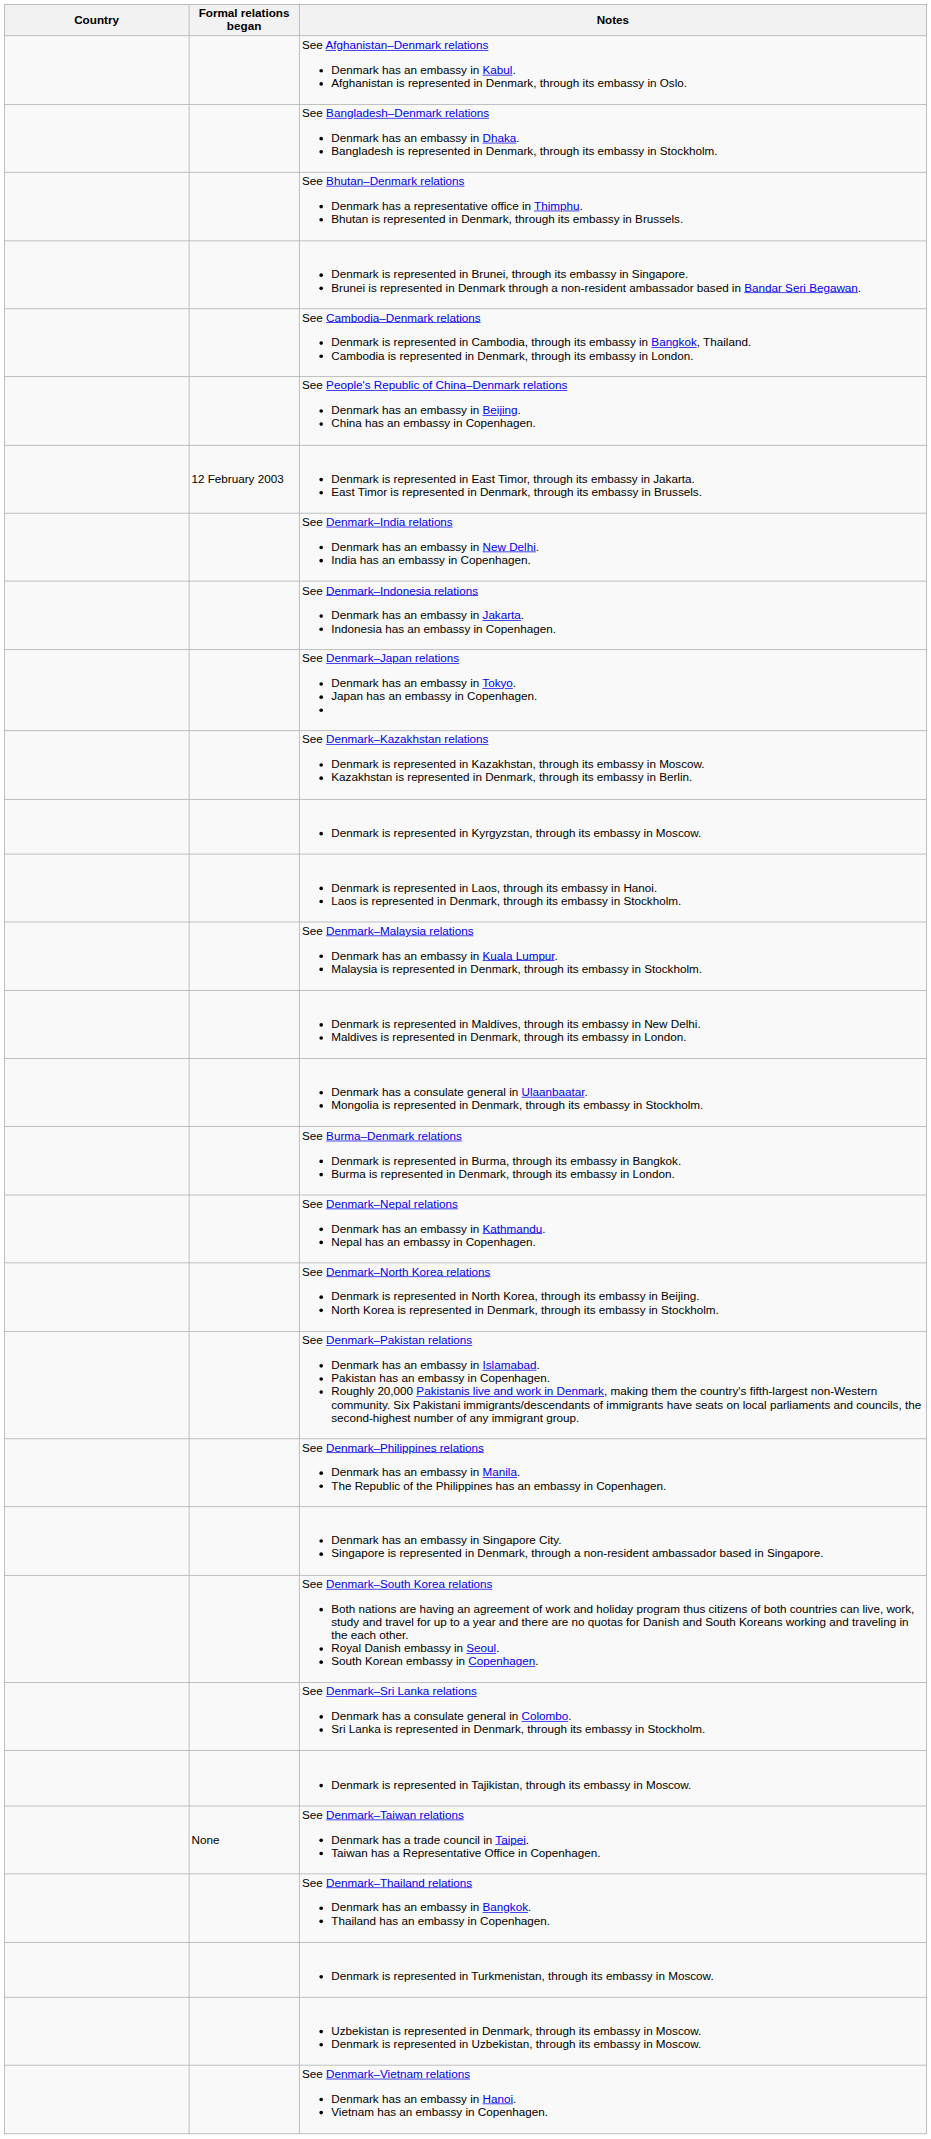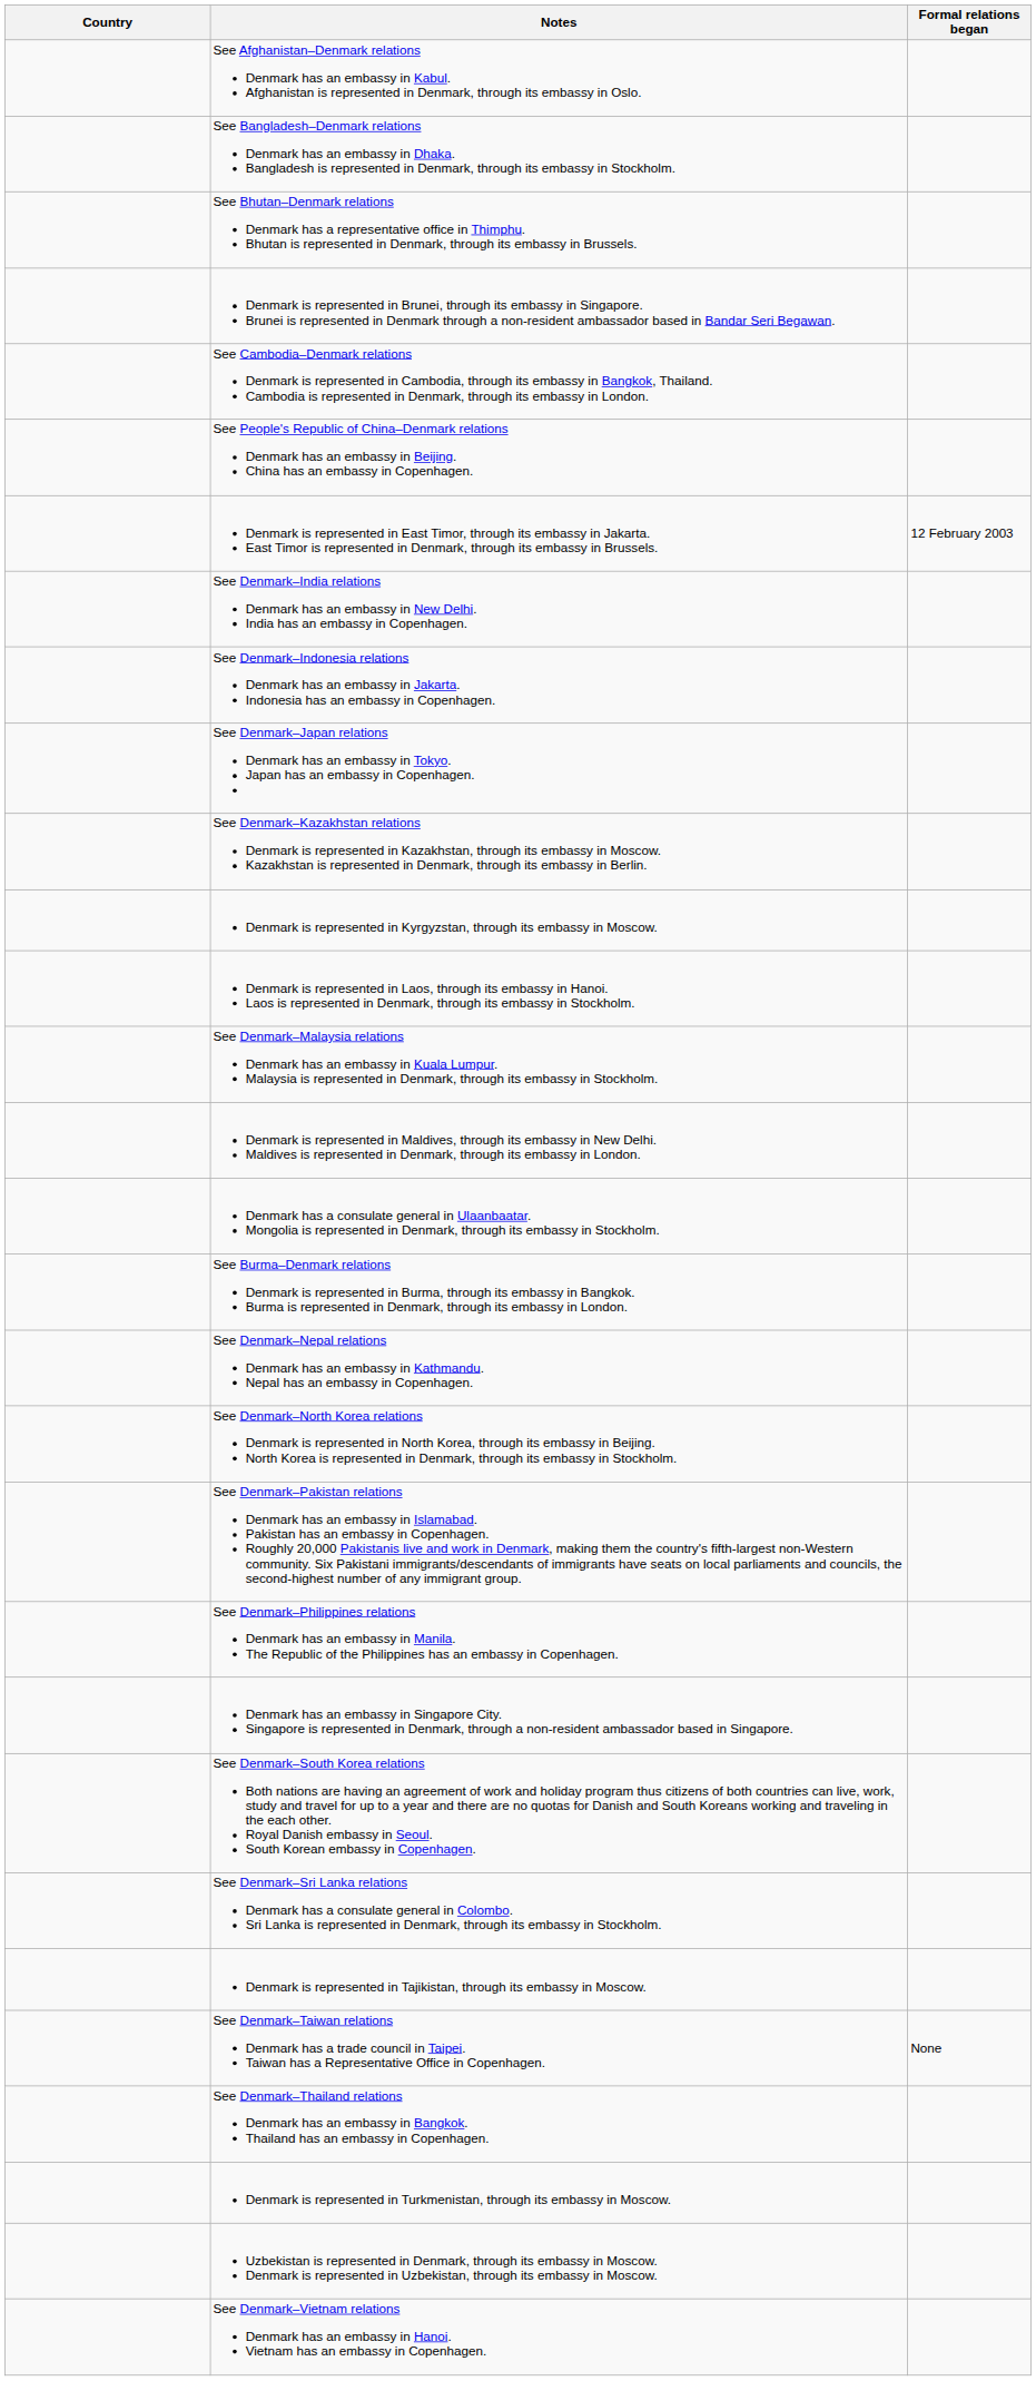 <table class="wikitable sortable" border="1" style="width:100%; margin:auto;">
 <tr>
 <th width="20%">Country</th>
+<th>Notes</th>
 <th width="12%">Formal relations began</th>
-<th>Notes</th>
 </tr>
 <tr -valign="top">
 <td></td>
+<td>See <a href='#'>Afghanistan–Denmark relations</a><br><ul><li>Denmark has an embassy in <a href='#'>Kabul</a>.</li><li>Afghanistan is represented in Denmark, through its embassy in Oslo.</li></ul></td>
 <td></td>
-<td>See <a href='#'>Afghanistan–Denmark relations</a><br><ul><li>Denmark has an embassy in <a href='#'>Kabul</a>.</li><li>Afghanistan is represented in Denmark, through its embassy in Oslo.</li></ul></td>
 </tr>
 <tr -valign="top">
 <td></td>
+<td>See <a href='#'>Bangladesh–Denmark relations</a><br><ul><li>Denmark has an embassy in <a href='#'>Dhaka</a>.</li><li>Bangladesh is represented in Denmark, through its embassy in Stockholm.</li></ul></td>
 <td></td>
-<td>See <a href='#'>Bangladesh–Denmark relations</a><br><ul><li>Denmark has an embassy in <a href='#'>Dhaka</a>.</li><li>Bangladesh is represented in Denmark, through its embassy in Stockholm.</li></ul></td>
 </tr>
 <tr -valign="top">
 <td></td>
+<td>See <a href='#'>Bhutan–Denmark relations</a><br><ul><li>Denmark has a representative office in <a href='#'>Thimphu</a>.</li><li>Bhutan is represented in Denmark, through its embassy in Brussels.</li></ul></td>
 <td></td>
-<td>See <a href='#'>Bhutan–Denmark relations</a><br><ul><li>Denmark has a representative office in <a href='#'>Thimphu</a>.</li><li>Bhutan is represented in Denmark, through its embassy in Brussels.</li></ul></td>
 </tr>
 <tr -valign="top">
 <td></td>
+<td><br><ul><li>Denmark is represented in Brunei, through its embassy in Singapore.</li><li>Brunei is represented in Denmark through a non-resident ambassador based in <a href='#'>Bandar Seri Begawan</a>.</li></ul></td>
 <td></td>
-<td><br><ul><li>Denmark is represented in Brunei, through its embassy in Singapore.</li><li>Brunei is represented in Denmark through a non-resident ambassador based in <a href='#'>Bandar Seri Begawan</a>.</li></ul></td>
 </tr>
 <tr -valign="top">
 <td></td>
+<td>See <a href='#'>Cambodia–Denmark relations</a><br><ul><li>Denmark is represented in Cambodia, through its embassy in <a href='#'>Bangkok</a>, Thailand.</li><li>Cambodia is represented in Denmark, through its embassy in London.</li></ul></td>
 <td></td>
-<td>See <a href='#'>Cambodia–Denmark relations</a><br><ul><li>Denmark is represented in Cambodia, through its embassy in <a href='#'>Bangkok</a>, Thailand.</li><li>Cambodia is represented in Denmark, through its embassy in London.</li></ul></td>
 </tr>
 <tr -valign="top">
 <td></td>
+<td>See <a href='#'>People's Republic of China–Denmark relations</a><br><ul><li>Denmark has an embassy in <a href='#'>Beijing</a>.</li><li>China has an embassy in Copenhagen.</li></ul></td>
 <td></td>
-<td>See <a href='#'>People's Republic of China–Denmark relations</a><br><ul><li>Denmark has an embassy in <a href='#'>Beijing</a>.</li><li>China has an embassy in Copenhagen.</li></ul></td>
 </tr>
 <tr -valign="top">
 <td></td>
+<td><br><ul><li>Denmark is represented in East Timor, through its embassy in Jakarta.</li><li>East Timor is represented in Denmark, through its embassy in Brussels.</li></ul></td>
 <td>12 February 2003</td>
-<td><br><ul><li>Denmark is represented in East Timor, through its embassy in Jakarta.</li><li>East Timor is represented in Denmark, through its embassy in Brussels.</li></ul></td>
 </tr>
 <tr -valign="top">
 <td></td>
+<td>See <a href='#'>Denmark–India relations</a><br><ul><li>Denmark has an embassy in <a href='#'>New Delhi</a>.</li><li>India has an embassy in Copenhagen.</li></ul></td>
 <td></td>
-<td>See <a href='#'>Denmark–India relations</a><br><ul><li>Denmark has an embassy in <a href='#'>New Delhi</a>.</li><li>India has an embassy in Copenhagen.</li></ul></td>
 </tr>
 <tr -valign="top">
 <td></td>
+<td>See <a href='#'>Denmark–Indonesia relations</a><br><ul><li>Denmark has an embassy in <a href='#'>Jakarta</a>.</li><li>Indonesia has an embassy in Copenhagen.</li></ul></td>
 <td></td>
-<td>See <a href='#'>Denmark–Indonesia relations</a><br><ul><li>Denmark has an embassy in <a href='#'>Jakarta</a>.</li><li>Indonesia has an embassy in Copenhagen.</li></ul></td>
 </tr>
 <tr -valign="top">
 <td></td>
+<td>See <a href='#'>Denmark–Japan relations</a><br><ul><li>Denmark has an embassy in <a href='#'>Tokyo</a>.</li><li>Japan has an embassy in Copenhagen.</li><li></li></ul></td>
 <td></td>
-<td>See <a href='#'>Denmark–Japan relations</a><br><ul><li>Denmark has an embassy in <a href='#'>Tokyo</a>.</li><li>Japan has an embassy in Copenhagen.</li><li></li></ul></td>
 </tr>
 <tr -valign="top">
 <td></td>
+<td>See <a href='#'>Denmark–Kazakhstan relations</a><br><ul><li>Denmark is represented in Kazakhstan, through its embassy in Moscow.</li><li>Kazakhstan is represented in Denmark, through its embassy in Berlin.</li></ul></td>
 <td></td>
-<td>See <a href='#'>Denmark–Kazakhstan relations</a><br><ul><li>Denmark is represented in Kazakhstan, through its embassy in Moscow.</li><li>Kazakhstan is represented in Denmark, through its embassy in Berlin.</li></ul></td>
 </tr>
 <tr -valign="top">
 <td></td>
+<td><br><ul><li>Denmark is represented in Kyrgyzstan, through its embassy in Moscow.</li></ul></td>
 <td></td>
-<td><br><ul><li>Denmark is represented in Kyrgyzstan, through its embassy in Moscow.</li></ul></td>
 </tr>
 <tr -valign="top">
 <td></td>
+<td><br><ul><li>Denmark is represented in Laos, through its embassy in Hanoi.</li><li>Laos is represented in Denmark, through its embassy in Stockholm.</li></ul></td>
 <td></td>
-<td><br><ul><li>Denmark is represented in Laos, through its embassy in Hanoi.</li><li>Laos is represented in Denmark, through its embassy in Stockholm.</li></ul></td>
 </tr>
 <tr -valign="top">
 <td></td>
+<td>See <a href='#'>Denmark–Malaysia relations</a><br><ul><li>Denmark has an embassy in <a href='#'>Kuala Lumpur</a>.</li><li>Malaysia is represented in Denmark, through its embassy in Stockholm.</li></ul></td>
 <td></td>
-<td>See <a href='#'>Denmark–Malaysia relations</a><br><ul><li>Denmark has an embassy in <a href='#'>Kuala Lumpur</a>.</li><li>Malaysia is represented in Denmark, through its embassy in Stockholm.</li></ul></td>
 </tr>
 <tr -valign="top">
 <td></td>
+<td><br><ul><li>Denmark is represented in Maldives, through its embassy in New Delhi.</li><li>Maldives is represented in Denmark, through its embassy in London.</li></ul></td>
 <td></td>
-<td><br><ul><li>Denmark is represented in Maldives, through its embassy in New Delhi.</li><li>Maldives is represented in Denmark, through its embassy in London.</li></ul></td>
 </tr>
 <tr -valign="top">
 <td></td>
+<td><br><ul><li>Denmark has a consulate general in <a href='#'>Ulaanbaatar</a>.</li><li>Mongolia is represented in Denmark, through its embassy in Stockholm.</li></ul></td>
 <td></td>
-<td><br><ul><li>Denmark has a consulate general in <a href='#'>Ulaanbaatar</a>.</li><li>Mongolia is represented in Denmark, through its embassy in Stockholm.</li></ul></td>
 </tr>
 <tr -valign="top">
 <td></td>
+<td>See <a href='#'>Burma–Denmark relations</a><br><ul><li>Denmark is represented in Burma, through its embassy in Bangkok.</li><li>Burma is represented in Denmark, through its embassy in London.</li></ul></td>
 <td></td>
-<td>See <a href='#'>Burma–Denmark relations</a><br><ul><li>Denmark is represented in Burma, through its embassy in Bangkok.</li><li>Burma is represented in Denmark, through its embassy in London.</li></ul></td>
 </tr>
 <tr -valign="top">
 <td></td>
+<td>See <a href='#'>Denmark–Nepal relations</a><br><ul><li>Denmark has an embassy in <a href='#'>Kathmandu</a>.</li><li>Nepal has an embassy in Copenhagen.</li></ul></td>
 <td></td>
-<td>See <a href='#'>Denmark–Nepal relations</a><br><ul><li>Denmark has an embassy in <a href='#'>Kathmandu</a>.</li><li>Nepal has an embassy in Copenhagen.</li></ul></td>
 </tr>
 <tr -valign="top">
 <td></td>
+<td>See <a href='#'>Denmark–North Korea relations</a><br><ul><li>Denmark is represented in North Korea, through its embassy in Beijing.</li><li>North Korea is represented in Denmark, through its embassy in Stockholm.</li></ul></td>
 <td></td>
-<td>See <a href='#'>Denmark–North Korea relations</a><br><ul><li>Denmark is represented in North Korea, through its embassy in Beijing.</li><li>North Korea is represented in Denmark, through its embassy in Stockholm.</li></ul></td>
 </tr>
 <tr -valign="top">
 <td></td>
+<td>See <a href='#'>Denmark–Pakistan relations</a><br><ul><li>Denmark has an embassy in <a href='#'>Islamabad</a>.</li><li>Pakistan has an embassy in Copenhagen.</li><li>Roughly 20,000 <a href='#'>Pakistanis live and work in Denmark</a>, making them the country's fifth-largest non-Western community. Six Pakistani immigrants/descendants of immigrants have seats on local parliaments and councils, the second-highest number of any immigrant group.</li></ul></td>
 <td></td>
-<td>See <a href='#'>Denmark–Pakistan relations</a><br><ul><li>Denmark has an embassy in <a href='#'>Islamabad</a>.</li><li>Pakistan has an embassy in Copenhagen.</li><li>Roughly 20,000 <a href='#'>Pakistanis live and work in Denmark</a>, making them the country's fifth-largest non-Western community. Six Pakistani immigrants/descendants of immigrants have seats on local parliaments and councils, the second-highest number of any immigrant group.</li></ul></td>
 </tr>
 <tr -valign="top">
 <td></td>
+<td>See <a href='#'>Denmark–Philippines relations</a><br><ul><li>Denmark has an embassy in <a href='#'>Manila</a>.</li><li>The Republic of the Philippines has an embassy in Copenhagen.</li></ul></td>
 <td></td>
-<td>See <a href='#'>Denmark–Philippines relations</a><br><ul><li>Denmark has an embassy in <a href='#'>Manila</a>.</li><li>The Republic of the Philippines has an embassy in Copenhagen.</li></ul></td>
 </tr>
 <tr -valign="top">
 <td></td>
+<td><br><ul><li>Denmark has an embassy in Singapore City.</li><li>Singapore is represented in Denmark, through a non-resident ambassador based in Singapore.</li></ul></td>
 <td></td>
-<td><br><ul><li>Denmark has an embassy in Singapore City.</li><li>Singapore is represented in Denmark, through a non-resident ambassador based in Singapore.</li></ul></td>
 </tr>
 <tr -valign="top">
 <td></td>
+<td>See <a href='#'>Denmark–South Korea relations</a><br><ul><li>Both nations are having an agreement of work and holiday program thus citizens of both countries can live, work, study and travel for up to a year and there are no quotas for Danish and South Koreans working and traveling in the each other.</li><li>Royal Danish embassy in <a href='#'>Seoul</a>.</li><li>South Korean embassy in <a href='#'>Copenhagen</a>.</li></ul></td>
 <td></td>
-<td>See <a href='#'>Denmark–South Korea relations</a><br><ul><li>Both nations are having an agreement of work and holiday program thus citizens of both countries can live, work, study and travel for up to a year and there are no quotas for Danish and South Koreans working and traveling in the each other.</li><li>Royal Danish embassy in <a href='#'>Seoul</a>.</li><li>South Korean embassy in <a href='#'>Copenhagen</a>.</li></ul></td>
 </tr>
 <tr -valign="top">
 <td></td>
+<td>See <a href='#'>Denmark–Sri Lanka relations</a><br><ul><li>Denmark has a consulate general in <a href='#'>Colombo</a>.</li><li>Sri Lanka is represented in Denmark, through its embassy in Stockholm.</li></ul></td>
 <td></td>
-<td>See <a href='#'>Denmark–Sri Lanka relations</a><br><ul><li>Denmark has a consulate general in <a href='#'>Colombo</a>.</li><li>Sri Lanka is represented in Denmark, through its embassy in Stockholm.</li></ul></td>
 </tr>
 <tr -valign="top">
 <td></td>
+<td><br><ul><li>Denmark is represented in Tajikistan, through its embassy in Moscow.</li></ul></td>
 <td></td>
-<td><br><ul><li>Denmark is represented in Tajikistan, through its embassy in Moscow.</li></ul></td>
 </tr>
 <tr -valign="top">
 <td></td>
+<td>See <a href='#'>Denmark–Taiwan relations</a><br><ul><li>Denmark has a trade council in <a href='#'>Taipei</a>.</li><li>Taiwan has a Representative Office in Copenhagen.</li></ul></td>
 <td>None</td>
-<td>See <a href='#'>Denmark–Taiwan relations</a><br><ul><li>Denmark has a trade council in <a href='#'>Taipei</a>.</li><li>Taiwan has a Representative Office in Copenhagen.</li></ul></td>
 </tr>
 <tr -valign="top">
 <td></td>
+<td>See <a href='#'>Denmark–Thailand relations</a><br><ul><li>Denmark has an embassy in <a href='#'>Bangkok</a>.</li><li>Thailand has an embassy in Copenhagen.</li></ul></td>
 <td></td>
-<td>See <a href='#'>Denmark–Thailand relations</a><br><ul><li>Denmark has an embassy in <a href='#'>Bangkok</a>.</li><li>Thailand has an embassy in Copenhagen.</li></ul></td>
 </tr>
 <tr -valign="top">
 <td></td>
+<td><br><ul><li>Denmark is represented in Turkmenistan, through its embassy in Moscow.</li></ul></td>
 <td></td>
-<td><br><ul><li>Denmark is represented in Turkmenistan, through its embassy in Moscow.</li></ul></td>
 </tr>
 <tr -valign="top">
 <td></td>
+<td><br><ul><li>Uzbekistan is represented in Denmark, through its embassy in Moscow.</li><li>Denmark is represented in Uzbekistan, through its embassy in Moscow.</li></ul></td>
 <td></td>
-<td><br><ul><li>Uzbekistan is represented in Denmark, through its embassy in Moscow.</li><li>Denmark is represented in Uzbekistan, through its embassy in Moscow.</li></ul></td>
 </tr>
 <tr -valign="top">
 <td></td>
+<td>See <a href='#'>Denmark–Vietnam relations</a><br><ul><li>Denmark has an embassy in <a href='#'>Hanoi</a>.</li><li>Vietnam has an embassy in Copenhagen.</li></ul></td>
 <td></td>
-<td>See <a href='#'>Denmark–Vietnam relations</a><br><ul><li>Denmark has an embassy in <a href='#'>Hanoi</a>.</li><li>Vietnam has an embassy in Copenhagen.</li></ul></td>
 </tr>
 </table>
